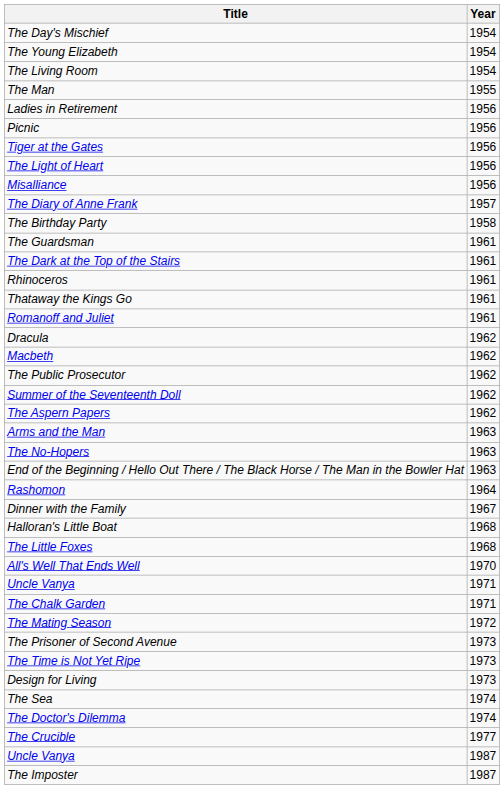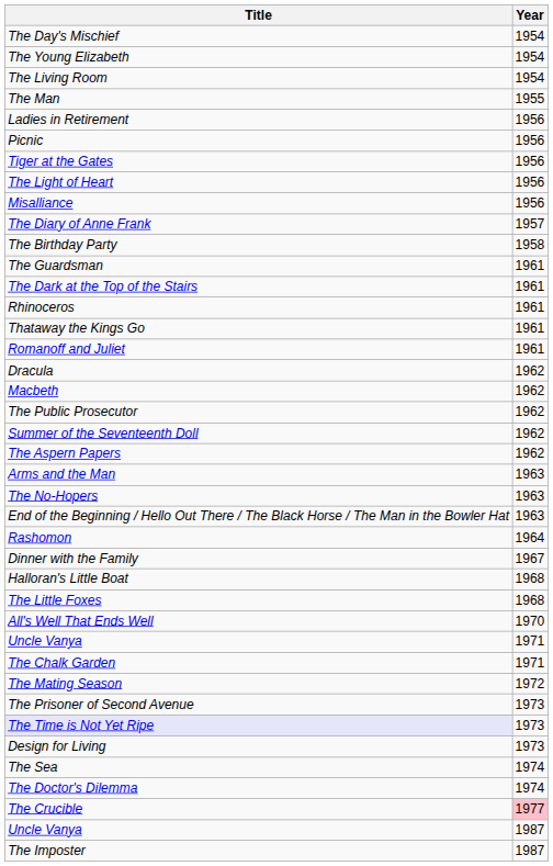 <table class="wikitable">
 <tr>
 <th>Title</th>
 <th>Year</th>
 </tr>
 <tr>
 <td><em>The Day's Mischief</em></td>
 <td>1954</td>
 </tr>
 <tr>
 <td><em>The Young Elizabeth</em></td>
 <td>1954</td>
 </tr>
 <tr>
 <td><em>The Living Room</em></td>
 <td>1954</td>
 </tr>
 <tr>
 <td><em>The Man</em></td>
 <td>1955</td>
 </tr>
 <tr>
 <td><em>Ladies in Retirement</em></td>
 <td>1956</td>
 </tr>
 <tr>
 <td><em>Picnic</em></td>
 <td>1956</td>
 </tr>
 <tr>
 <td><em><a href='#'>Tiger at the Gates</a></em></td>
 <td>1956</td>
 </tr>
 <tr>
 <td><em><a href='#'>The Light of Heart</a></em></td>
 <td>1956</td>
 </tr>
 <tr>
 <td><em><a href='#'>Misalliance</a></em></td>
 <td>1956</td>
 </tr>
 <tr>
 <td><em><a href='#'>The Diary of Anne Frank</a></em></td>
 <td>1957</td>
 </tr>
 <tr>
 <td><em>The Birthday Party</em></td>
 <td>1958</td>
 </tr>
 <tr>
 <td><em>The Guardsman</em></td>
 <td>1961</td>
 </tr>
 <tr>
 <td><em><a href='#'>The Dark at the Top of the Stairs</a></em></td>
 <td>1961</td>
 </tr>
 <tr>
 <td><em>Rhinoceros</em></td>
 <td>1961</td>
 </tr>
 <tr>
 <td><em>Thataway the Kings Go</em></td>
 <td>1961</td>
 </tr>
 <tr>
 <td><em><a href='#'>Romanoff and Juliet</a></em></td>
 <td>1961</td>
 </tr>
 <tr>
 <td><em>Dracula</em></td>
 <td>1962</td>
 </tr>
 <tr>
 <td><em><a href='#'>Macbeth</a></em></td>
 <td>1962</td>
 </tr>
 <tr>
 <td><em>The Public Prosecutor</em></td>
 <td>1962</td>
 </tr>
 <tr>
 <td><em><a href='#'>Summer of the Seventeenth Doll</a></em></td>
 <td>1962</td>
 </tr>
 <tr>
 <td><em><a href='#'>The Aspern Papers</a></em></td>
 <td>1962</td>
 </tr>
 <tr>
 <td><em><a href='#'>Arms and the Man</a></em></td>
 <td>1963</td>
 </tr>
 <tr>
 <td><em><a href='#'>The No-Hopers</a></em></td>
 <td>1963</td>
 </tr>
 <tr>
 <td><em>End of the Beginning / Hello Out There / The Black Horse / The Man in the Bowler Hat</em></td>
 <td>1963</td>
 </tr>
 <tr>
 <td><em><a href='#'>Rashomon</a></em></td>
 <td>1964</td>
 </tr>
 <tr>
 <td><em>Dinner with the Family</em></td>
 <td>1967</td>
 </tr>
 <tr>
 <td><em>Halloran's Little Boat</em></td>
 <td>1968</td>
 </tr>
 <tr>
 <td><em><a href='#'>The Little Foxes</a></em></td>
 <td>1968</td>
 </tr>
 <tr>
 <td><em><a href='#'>All's Well That Ends Well</a></em></td>
 <td>1970</td>
 </tr>
 <tr>
 <td><em><a href='#'>Uncle Vanya</a></em></td>
 <td>1971</td>
 </tr>
 <tr>
 <td><em><a href='#'>The Chalk Garden</a></em></td>
 <td>1971</td>
 </tr>
 <tr>
 <td><em><a href='#'>The Mating Season</a></em></td>
 <td>1972</td>
 </tr>
 <tr>
 <td><em>The Prisoner of Second Avenue</em></td>
 <td>1973</td>
 </tr>
 <tr>
-<td><em><a href='#'>The Time is Not Yet Ripe</a></em></td>
+<td style="background: lavender;"><em><a href='#'>The Time is Not Yet Ripe</a></em></td>
 <td>1973</td>
 </tr>
 <tr>
 <td><em>Design for Living</em></td>
 <td>1973</td>
 </tr>
 <tr>
 <td><em>The Sea</em></td>
 <td>1974</td>
 </tr>
 <tr>
 <td><em><a href='#'>The Doctor's Dilemma</a></em></td>
 <td>1974</td>
 </tr>
 <tr>
 <td><em><a href='#'>The Crucible</a></em></td>
-<td>1977</td>
+<td style="background: pink;">1977</td>
 </tr>
 <tr>
 <td><em><a href='#'>Uncle Vanya</a></em></td>
 <td>1987</td>
 </tr>
 <tr>
 <td><em>The Imposter</em></td>
 <td>1987</td>
 </tr>
 </table>
